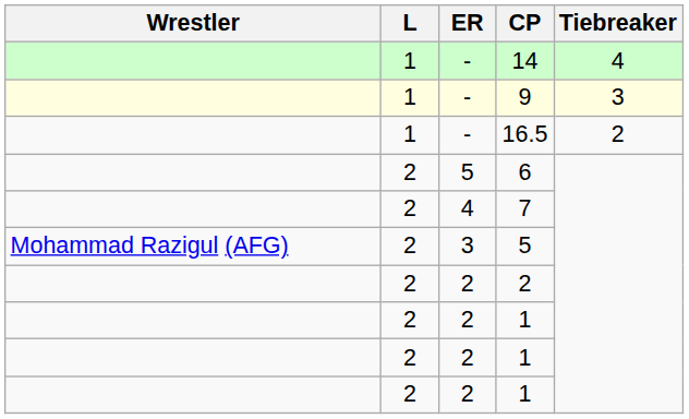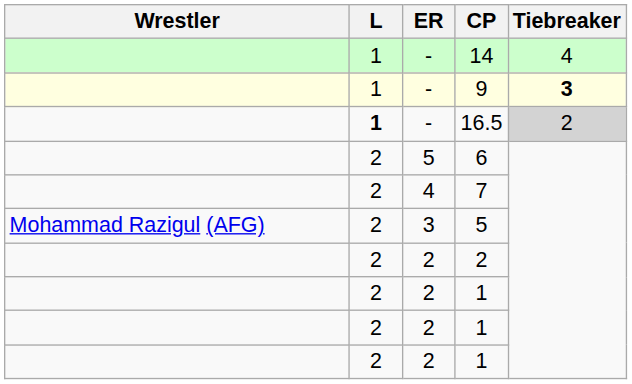 <table class="wikitable" style="text-align: center;" |>
 <tr>
 <th width="250">Wrestler</th>
 <th width="32">L</th>
 <th width="32">ER</th>
 <th width="32">CP</th>
 <th width="60">Tiebreaker</th>
 </tr>
 <tr bgcolor="ccffcc">
 <td style="text-align:left;"></td>
 <td>1</td>
 <td>-</td>
 <td>14</td>
 <td>4</td>
 </tr>
 <tr bgcolor="lightyellow">
 <td style="text-align:left;"></td>
 <td>1</td>
 <td>-</td>
 <td>9</td>
-<td>3</td>
+<td><strong>3</strong></td>
 </tr>
 <tr>
 <td style="text-align:left;"></td>
-<td>1</td>
+<td><strong>1</strong></td>
 <td>-</td>
 <td>16.5</td>
-<td>2</td>
+<td style="background: lightgrey;">2</td>
 </tr>
 <tr>
 <td style="text-align:left;"></td>
 <td>2</td>
 <td>5</td>
 <td>6</td>
 </tr>
 <tr>
 <td style="text-align:left;"></td>
 <td>2</td>
 <td>4</td>
 <td>7</td>
 </tr>
 <tr>
 <td style="text-align:left;"><a href='#'>Mohammad Razigul</a> <a href='#'>(AFG)</a></td>
 <td>2</td>
 <td>3</td>
 <td>5</td>
 </tr>
 <tr>
 <td style="text-align:left;"></td>
 <td>2</td>
 <td>2</td>
 <td>2</td>
 </tr>
 <tr>
 <td style="text-align:left;"></td>
 <td>2</td>
 <td>2</td>
 <td>1</td>
 </tr>
 <tr>
 <td style="text-align:left;"></td>
 <td>2</td>
 <td>2</td>
 <td>1</td>
 </tr>
 <tr>
 <td style="text-align:left;"></td>
 <td>2</td>
 <td>2</td>
 <td>1</td>
 </tr>
 </table>
